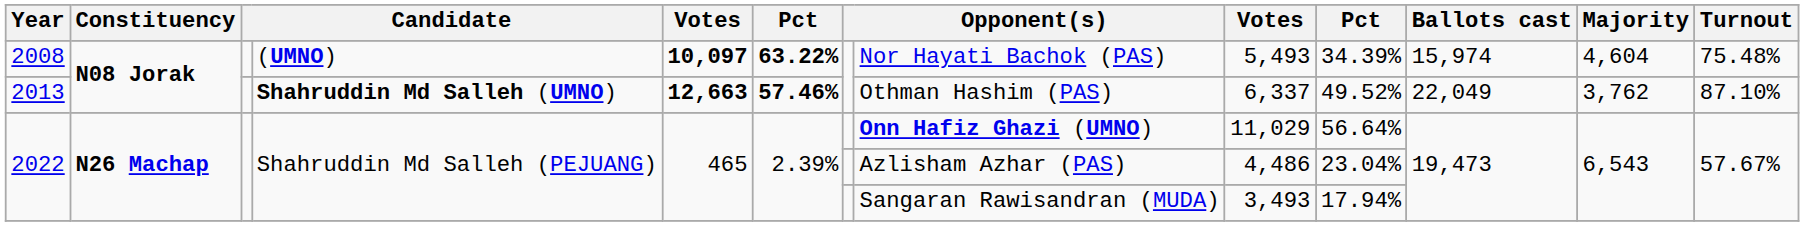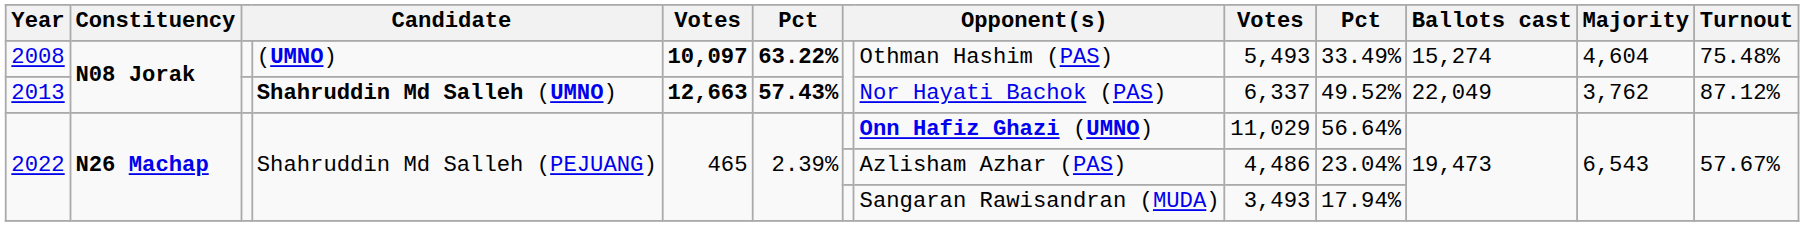 <table class="wikitable" style="margin:0.5em ; font-size:95%">
 <tr>
 <th>Year</th>
 <th>Constituency</th>
 <th colspan=2>Candidate</th>
 <th>Votes</th>
 <th>Pct</th>
 <th colspan=2>Opponent(s)</th>
 <th>Votes</th>
 <th>Pct</th>
 <th>Ballots cast</th>
 <th>Majority</th>
 <th>Turnout</th>
 </tr>
 <tr>
 <td><a href='#'>2008</a></td>
 <td rowspan=2><strong>N08 Jorak </strong></td>
 <td></td>
 <td> (<a href='#'><strong>UMNO</strong></a>)</td>
 <td align="right"><strong>10,097</strong></td>
 <td><strong>63.22%</strong></td>
 <td rowspan="2" ></td>
-<td><a href='#'>Nor Hayati Bachok</a> (<a href='#'>PAS</a>)</td>
+<td>Othman Hashim (<a href='#'>PAS</a>)</td>
 <td align="right">5,493</td>
-<td>34.39%</td>
-<td>15,974</td>
+<td>33.49%</td>
+<td>15,274</td>
 <td>4,604</td>
 <td>75.48%</td>
 </tr>
 <tr>
 <td><a href='#'>2013</a></td>
 <td></td>
 <td><strong>Shahruddin Md Salleh</strong> (<a href='#'><strong>UMNO</strong></a>)</td>
 <td align="right"><strong>12,663</strong></td>
-<td><strong>57.46%</strong></td>
-<td>Othman Hashim (<a href='#'>PAS</a>)</td>
+<td><strong>57.43%</strong></td>
+<td><a href='#'>Nor Hayati Bachok</a> (<a href='#'>PAS</a>)</td>
 <td align="right">6,337</td>
 <td>49.52%</td>
 <td>22,049</td>
 <td>3,762</td>
-<td>87.10%</td>
+<td>87.12%</td>
 </tr>
 <tr>
 <td rowspan="3"><a href='#'>2022</a></td>
 <td rowspan="3"><strong>N26 <a href='#'>Machap</a></strong></td>
 <td rowspan="3" bgcolor=></td>
 <td rowspan="3">Shahruddin Md Salleh (<a href='#'>PEJUANG</a>)</td>
 <td rowspan="3" align="right">465</td>
 <td rowspan="3" align="right">2.39%</td>
 <td></td>
 <td><strong><a href='#'>Onn Hafiz Ghazi</a></strong> (<a href='#'><strong>UMNO</strong></a>)</td>
 <td align="right">11,029</td>
 <td align="right">56.64%</td>
 <td rowspan="3">19,473</td>
 <td rowspan="3">6,543</td>
 <td rowspan="3">57.67%</td>
 </tr>
 <tr>
 <td></td>
 <td>Azlisham Azhar (<a href='#'>PAS</a>)</td>
 <td align="right">4,486</td>
 <td align="right">23.04%</td>
 </tr>
 <tr>
 <td bgcolor=></td>
 <td>Sangaran Rawisandran (<a href='#'>MUDA</a>)</td>
 <td align="right">3,493</td>
 <td align="right">17.94%</td>
 </tr>
 </table>
